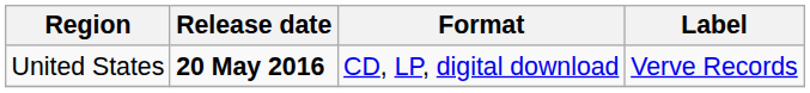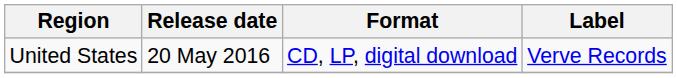 <table class="wikitable">
 <tr>
 <th>Region</th>
 <th>Release date</th>
 <th>Format</th>
 <th>Label</th>
 </tr>
 <tr>
 <td>United States</td>
-<td><strong>20 May 2016</strong></td>
+<td>20 May 2016</td>
 <td><a href='#'>CD</a>, <a href='#'>LP</a>, <a href='#'>digital download</a></td>
 <td><a href='#'>Verve Records</a></td>
 </tr>
 <tr>
 </tr>
 </table>
